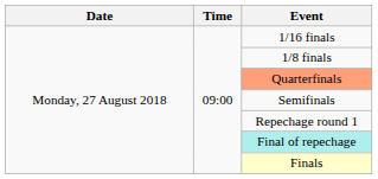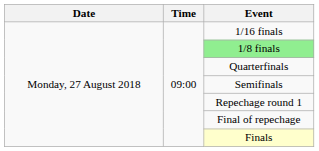 <table class = "wikitable" style="text-align:center;">
 <tr>
 <th width=220>Date</th>
 <th width=50>Time</th>
 <th width=150>Event</th>
 </tr>
 <tr>
 <td rowspan=7>Monday, 27 August 2018</td>
 <td rowspan=7>09:00</td>
 <td>1/16 finals</td>
 </tr>
 <tr>
-<td>1/8 finals</td>
+<td style="background: lightgreen;">1/8 finals</td>
 </tr>
 <tr>
-<td style="background: lightsalmon;">Quarterfinals</td>
+<td>Quarterfinals</td>
 </tr>
 <tr>
 <td>Semifinals</td>
 </tr>
 <tr>
 <td>Repechage round 1</td>
 </tr>
 <tr>
-<td style="background: paleturquoise;">Final of repechage</td>
+<td>Final of repechage</td>
 </tr>
 <tr>
 <td bgcolor=ffffcc>Finals</td>
 </tr>
 </table>
